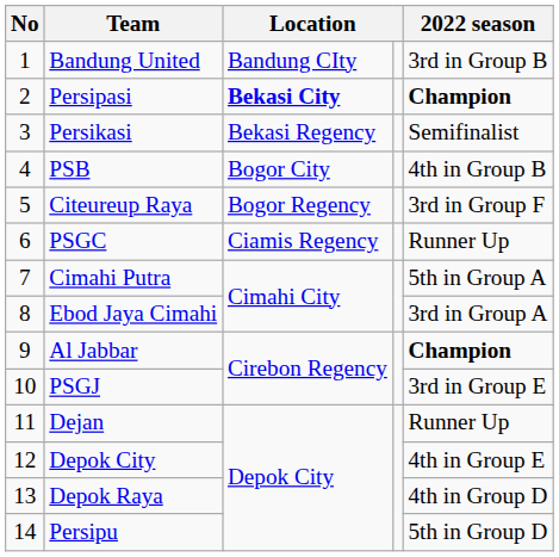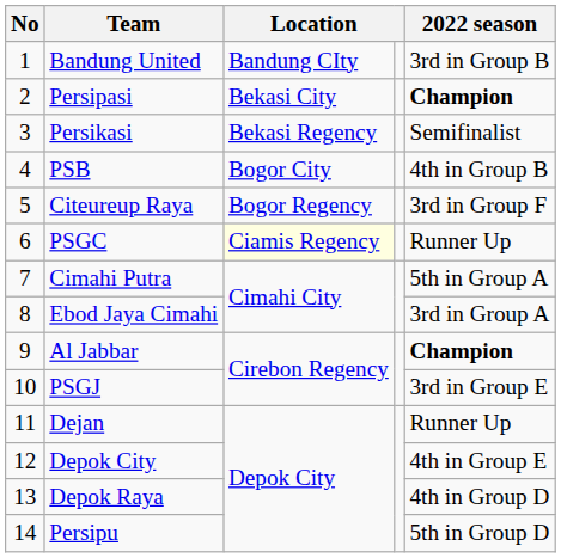 <table class="wikitable">
 <tr>
 <th>No</th>
 <th>Team</th>
 <th colspan=2>Location</th>
 <th>2022 season</th>
 </tr>
 <tr>
 <td align=center>1</td>
 <td><a href='#'>Bandung United</a></td>
 <td><a href='#'>Bandung CIty</a></td>
 <td></td>
 <td>3rd in Group B</td>
 </tr>
 <tr>
 <td align=center>2</td>
 <td><a href='#'>Persipasi</a></td>
-<td><strong><a href='#'>Bekasi City</a></strong></td>
+<td><a href='#'>Bekasi City</a></td>
 <td></td>
 <td><strong>Champion</strong></td>
 </tr>
 <tr>
 <td align=center>3</td>
 <td><a href='#'>Persikasi</a></td>
 <td><a href='#'>Bekasi Regency</a></td>
 <td></td>
 <td>Semifinalist</td>
 </tr>
 <tr>
 <td align=center>4</td>
 <td><a href='#'>PSB</a></td>
 <td><a href='#'>Bogor City</a></td>
 <td></td>
 <td>4th in Group B</td>
 </tr>
 <tr>
 <td align=center>5</td>
 <td><a href='#'>Citeureup Raya</a></td>
 <td><a href='#'>Bogor Regency</a></td>
 <td></td>
 <td>3rd in Group F</td>
 </tr>
 <tr>
 <td align=center>6</td>
 <td><a href='#'>PSGC</a></td>
-<td><a href='#'>Ciamis Regency</a></td>
+<td style="background: lightyellow;"><a href='#'>Ciamis Regency</a></td>
 <td></td>
 <td>Runner Up </td>
 </tr>
 <tr>
 <td align=center>7</td>
 <td><a href='#'>Cimahi Putra</a></td>
 <td rowspan=2><a href='#'>Cimahi City</a></td>
 <td rowspan=2></td>
 <td>5th in Group A</td>
 </tr>
 <tr>
 <td align=center>8</td>
 <td><a href='#'>Ebod Jaya Cimahi</a></td>
 <td>3rd in Group A</td>
 </tr>
 <tr>
 <td align=center>9</td>
 <td><a href='#'>Al Jabbar</a></td>
 <td rowspan=2><a href='#'>Cirebon Regency</a></td>
 <td rowspan=2></td>
 <td><strong>Champion </strong></td>
 </tr>
 <tr>
 <td align=center>10</td>
 <td><a href='#'>PSGJ</a></td>
 <td>3rd in Group E</td>
 </tr>
 <tr>
 <td align=center>11</td>
 <td><a href='#'>Dejan</a></td>
 <td rowspan=4><a href='#'>Depok City</a></td>
 <td rowspan=4></td>
 <td>Runner Up</td>
 </tr>
 <tr>
 <td align=center>12</td>
 <td><a href='#'>Depok City</a></td>
 <td>4th in Group E</td>
 </tr>
 <tr>
 <td align=center>13</td>
 <td><a href='#'>Depok Raya</a></td>
 <td>4th in Group D</td>
 </tr>
 <tr>
 <td align=center>14</td>
 <td><a href='#'>Persipu</a></td>
 <td>5th in Group D</td>
 </tr>
 </table>
